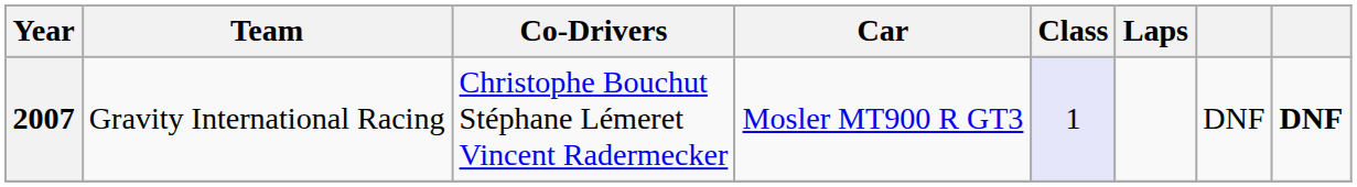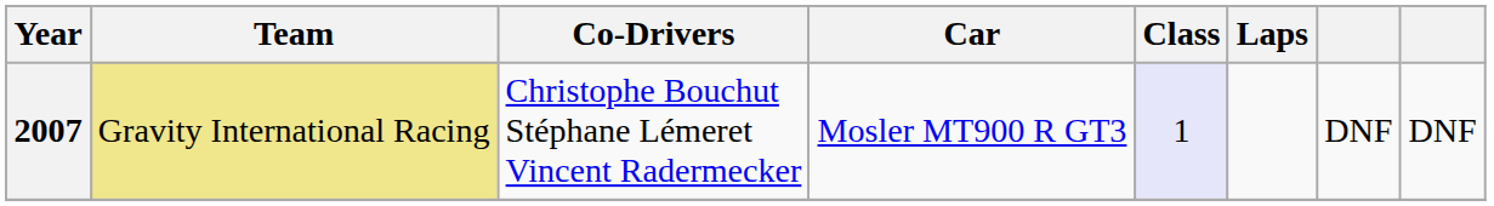 <table class="wikitable" style="text-align:center; font-size:90%">
 <tr>
 <th>Year</th>
 <th>Team</th>
 <th>Co-Drivers</th>
 <th>Car</th>
 <th>Class</th>
 <th>Laps</th>
 <th></th>
 <th></th>
 </tr>
 <tr>
 <th>2007</th>
-<td align="left" nowrap> Gravity International Racing</td>
+<td align="left" nowrap style="background: khaki;"> Gravity International Racing</td>
 <td align="left" nowrap> <a href='#'>Christophe Bouchut</a><br> Stéphane Lémeret<br> <a href='#'>Vincent Radermecker</a></td>
 <td align="left" nowrap><a href='#'>Mosler MT900 R GT3</a></td>
 <td style="background: lavender;">1</td>
 <td></td>
 <td>DNF</td>
-<td><strong>DNF</strong></td>
+<td>DNF</td>
 </tr>
 <tr>
 </tr>
 </table>
